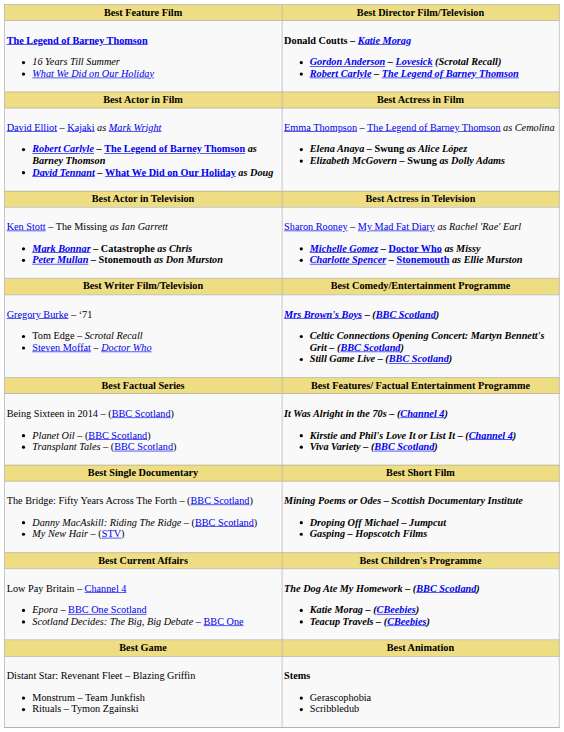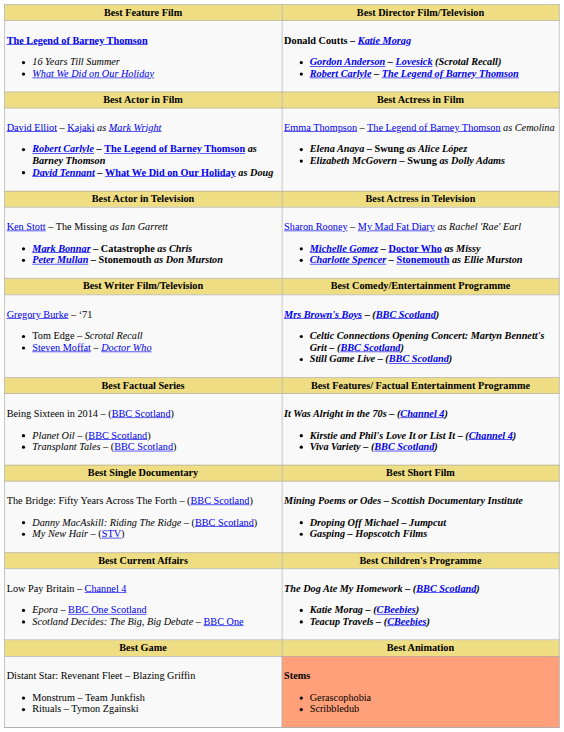 <table class=wikitable>
 <tr>
 <th style="background:#EEDD82; width:50%">Best Feature Film</th>
 <th style="background:#EEDD82; width:50%">Best Director Film/Television</th>
 </tr>
 <tr>
 <td valign="top"><br><strong><a href='#'>The Legend of Barney Thomson</a></strong><ul><li><em>16 Years Till Summer</em></li><li><em><a href='#'>What We Did on Our Holiday</a></em></li></ul></td>
 <td valign="top"><br><strong>Donald Coutts – <em><a href='#'>Katie Morag</a><strong><em><ul><li><a href='#'>Gordon Anderson</a> – </em><a href='#'>Lovesick</a><em> (</em>Scrotal Recall<em>)</li><li><a href='#'>Robert Carlyle</a> – </em><a href='#'>The Legend of Barney Thomson</a><em></li></ul></td>
 </tr>
 <tr>
 <th style="background:#EEDD82; width:50%">Best Actor in Film</th>
 <th style="background:#EEDD82; width:50%">Best Actress in Film</th>
 </tr>
 <tr>
 <td valign="top"><br></strong><a href='#'>David Elliot</a> – </em><a href='#'>Kajaki</a><em> as <a href='#'>Mark Wright</a><strong><ul><li><a href='#'>Robert Carlyle</a> – </em><a href='#'>The Legend of Barney Thomson</a><em> as Barney Thomson</li><li><a href='#'>David Tennant</a> – </em><a href='#'>What We Did on Our Holiday</a><em> as Doug</li></ul></td>
 <td valign="top"><br></strong><a href='#'>Emma Thompson</a> – </em><a href='#'>The Legend of Barney Thomson</a><em> as Cemolina<strong><ul><li>Elena Anaya – </em>Swung<em> as Alice López</li><li>Elizabeth McGovern – </em>Swung<em> as Dolly Adams</li></ul></td>
 </tr>
 <tr>
 <th style="background:#EEDD82; width:50%">Best Actor in Television</th>
 <th style="background:#EEDD82; width:50%">Best Actress in Television</th>
 </tr>
 <tr>
 <td valign="top"><br></strong><a href='#'>Ken Stott</a> – </em>The Missing<em> as Ian Garrett<strong><ul><li><a href='#'>Mark Bonnar</a> – </em>Catastrophe<em> as Chris</li><li><a href='#'>Peter Mullan</a> – </em>Stonemouth<em> as Don Murston</li></ul></td>
 <td valign="top"><br></strong><a href='#'>Sharon Rooney</a> – </em><a href='#'>My Mad Fat Diary</a><em> as Rachel 'Rae' Earl<strong><ul><li><a href='#'>Michelle Gomez</a> – </em><a href='#'>Doctor Who</a><em> as Missy</li><li><a href='#'>Charlotte Spencer</a> – </em><a href='#'>Stonemouth</a><em> as Ellie Murston</li></ul></td>
 </tr>
 <tr>
 <th style="background:#EEDD82; width:50%">Best Writer Film/Television</th>
 <th style="background:#EEDD82; width:50%">Best Comedy/Entertainment Programme</th>
 </tr>
 <tr>
 <td valign="top"><br></strong><a href='#'>Gregory Burke</a> – </em>‘71</em></strong><ul><li>Tom Edge – <em>Scrotal Recall</em></li><li><a href='#'>Steven Moffat</a> – <em><a href='#'>Doctor Who</a></em></li></ul></td>
 <td valign="top"><br><strong><em><a href='#'>Mrs Brown's Boys</a><em> – (<a href='#'>BBC Scotland</a>)<strong><ul><li></em>Celtic Connections Opening Concert: Martyn Bennett's Grit<em> – (<a href='#'>BBC Scotland</a>)</li><li></em>Still Game Live<em> – (<a href='#'>BBC Scotland</a>)</li></ul></td>
 </tr>
 <tr>
 <th style="background:#EEDD82; width:50%">Best Factual Series</th>
 <th style="background:#EEDD82; width:50%">Best Features/ Factual Entertainment Programme</th>
 </tr>
 <tr>
 <td valign="top"><br></em></strong>Being Sixteen in 2014</em> – (<a href='#'>BBC Scotland</a>)</strong><ul><li><em>Planet Oil</em> – (<a href='#'>BBC Scotland</a>)</li><li><em>Transplant Tales</em> – (<a href='#'>BBC Scotland</a>)</li></ul></td>
 <td valign="top"><br><strong><em>It Was Alright in the 70s<em> – (<a href='#'>Channel 4</a>)<strong><ul><li></em>Kirstie and Phil's Love It or List It<em> – (<a href='#'>Channel 4</a>)</li><li></em>Viva Variety<em> – (<a href='#'>BBC Scotland</a>)</li></ul></td>
 </tr>
 <tr>
 <th style="background:#EEDD82; width:50%">Best Single Documentary</th>
 <th style="background:#EEDD82; width:50%">Best Short Film</th>
 </tr>
 <tr>
 <td valign="top"><br></em></strong>The Bridge: Fifty Years Across The Forth</em> – (<a href='#'>BBC Scotland</a>)</strong><ul><li><em>Danny MacAskill: Riding The Ridge</em> – (<a href='#'>BBC Scotland</a>)</li><li><em>My New Hair</em> – (<a href='#'>STV</a>)</li></ul></td>
 <td valign="top"><br><strong><em>Mining Poems or Odes<em> – Scottish Documentary Institute<strong><ul><li></em>Droping Off Michael<em> – Jumpcut</li><li></em>Gasping<em> – Hopscotch Films</li></ul></td>
 </tr>
 <tr>
 <th style="background:#EEDD82; width:50%">Best Current Affairs</th>
 <th style="background:#EEDD82; width:50%">Best Children's Programme</th>
 </tr>
 <tr>
 <td valign="top"><br></em></strong>Low Pay Britain</em> – <a href='#'>Channel 4</a></strong><ul><li><em>Epora</em> – <a href='#'>BBC One Scotland</a></li><li><em>Scotland Decides: The Big, Big Debate</em> – <a href='#'>BBC One</a></li></ul></td>
 <td valign="top"><br><strong><em>The Dog Ate My Homework<em> – (<a href='#'>BBC Scotland</a>)<strong><ul><li></em>Katie Morag<em> – (<a href='#'>CBeebies</a>)</li><li></em>Teacup Travels<em> – (<a href='#'>CBeebies</a>)</li></ul></td>
 </tr>
 <tr>
 <th style="background:#EEDD82; width:50%">Best Game</th>
 <th style="background:#EEDD82; width:50%">Best Animation</th>
 </tr>
 <tr>
 <td valign="top"><br></em></strong>Distant Star: Revenant Fleet</em> – Blazing Griffin</strong><ul><li>Monstrum – Team Junkfish</li><li>Rituals – Tymon Zgainski</li></ul></td>
-<td valign="top"><br><strong>Stems</strong><ul><li>Gerascophobia</li><li>Scribbledub</li></ul></td>
+<td valign="top" style="background: lightsalmon;"><br><strong>Stems</strong><ul><li>Gerascophobia</li><li>Scribbledub</li></ul></td>
 </tr>
 <tr>
 </tr>
 </table>
